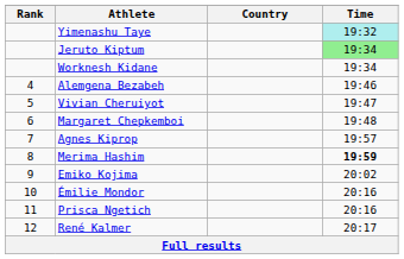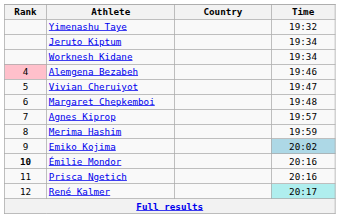 <table class="wikitable sortable" style=" text-align:center; font-size:95%;" width="50%">
 <tr>
 </tr>
 <tr>
 <th width=5%>Rank</th>
 <th width=20%>Athlete</th>
 <th width=15%>Country</th>
 <th width=10%>Time</th>
 </tr>
 <tr>
 <td align=center></td>
 <td align=left><a href='#'>Yimenashu Taye</a></td>
 <td align=left></td>
-<td style="background: paleturquoise;">19:32</td>
+<td>19:32</td>
 </tr>
 <tr>
 <td align=center></td>
 <td align=left><a href='#'>Jeruto Kiptum</a></td>
 <td align=left></td>
-<td style="background: lightgreen;">19:34</td>
+<td>19:34</td>
 </tr>
 <tr>
 <td align=center></td>
 <td align=left><a href='#'>Worknesh Kidane</a></td>
 <td align=left></td>
 <td>19:34</td>
 </tr>
 <tr>
-<td align=center>4</td>
+<td align=center style="background: pink;">4</td>
 <td align=left><a href='#'>Alemgena Bezabeh</a></td>
 <td align=left></td>
 <td>19:46</td>
 </tr>
 <tr>
 <td align=center>5</td>
 <td align=left><a href='#'>Vivian Cheruiyot</a></td>
 <td align=left></td>
 <td>19:47</td>
 </tr>
 <tr>
 <td align=center>6</td>
 <td align=left><a href='#'>Margaret Chepkemboi</a></td>
 <td align=left></td>
 <td>19:48</td>
 </tr>
 <tr>
 <td align=center>7</td>
 <td align=left><a href='#'>Agnes Kiprop</a></td>
 <td align=left></td>
 <td>19:57</td>
 </tr>
 <tr>
 <td align=center>8</td>
 <td align=left><a href='#'>Merima Hashim</a></td>
 <td align=left></td>
-<td><strong>19:59</strong></td>
+<td>19:59</td>
 </tr>
 <tr>
 <td align=center>9</td>
 <td align=left><a href='#'>Emiko Kojima</a></td>
 <td align=left></td>
-<td>20:02</td>
+<td style="background: lightblue;">20:02</td>
 </tr>
 <tr>
-<td align=center>10</td>
+<td align=center><strong>10</strong></td>
 <td align=left><a href='#'>Émilie Mondor</a></td>
 <td align=left></td>
 <td>20:16</td>
 </tr>
 <tr>
 <td align=center>11</td>
 <td align=left><a href='#'>Prisca Ngetich</a></td>
 <td align=left></td>
 <td>20:16</td>
 </tr>
 <tr>
 <td align=center>12</td>
 <td align=left><a href='#'>René Kalmer</a></td>
 <td align=left></td>
-<td>20:17</td>
+<td style="background: paleturquoise;">20:17</td>
 </tr>
 <tr class="sortbottom">
 <th colspan=4 align=center><a href='#'>Full results</a></th>
 </tr>
 </table>
